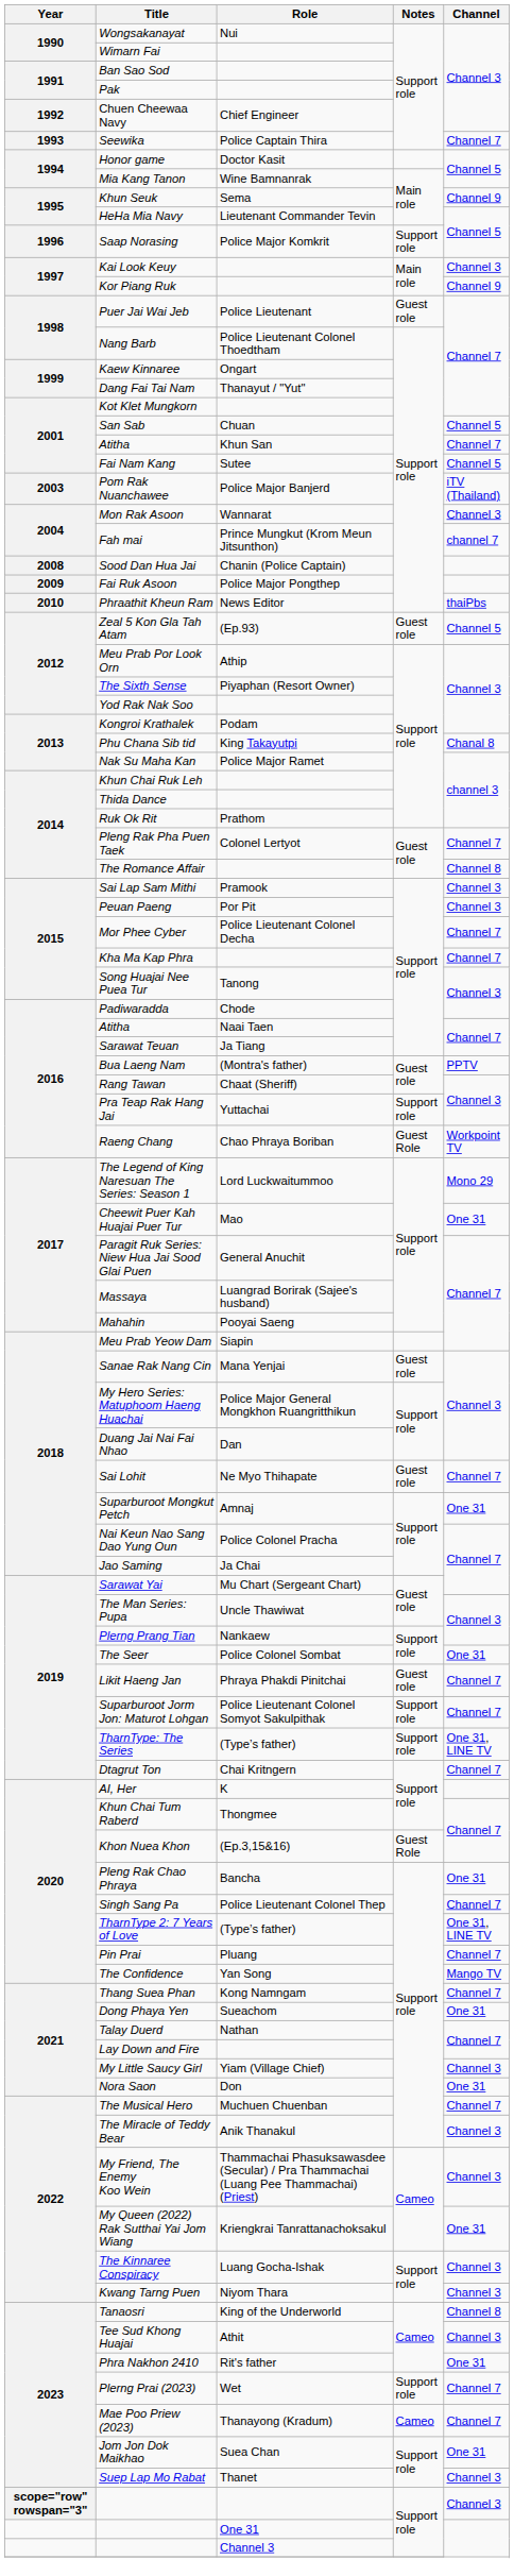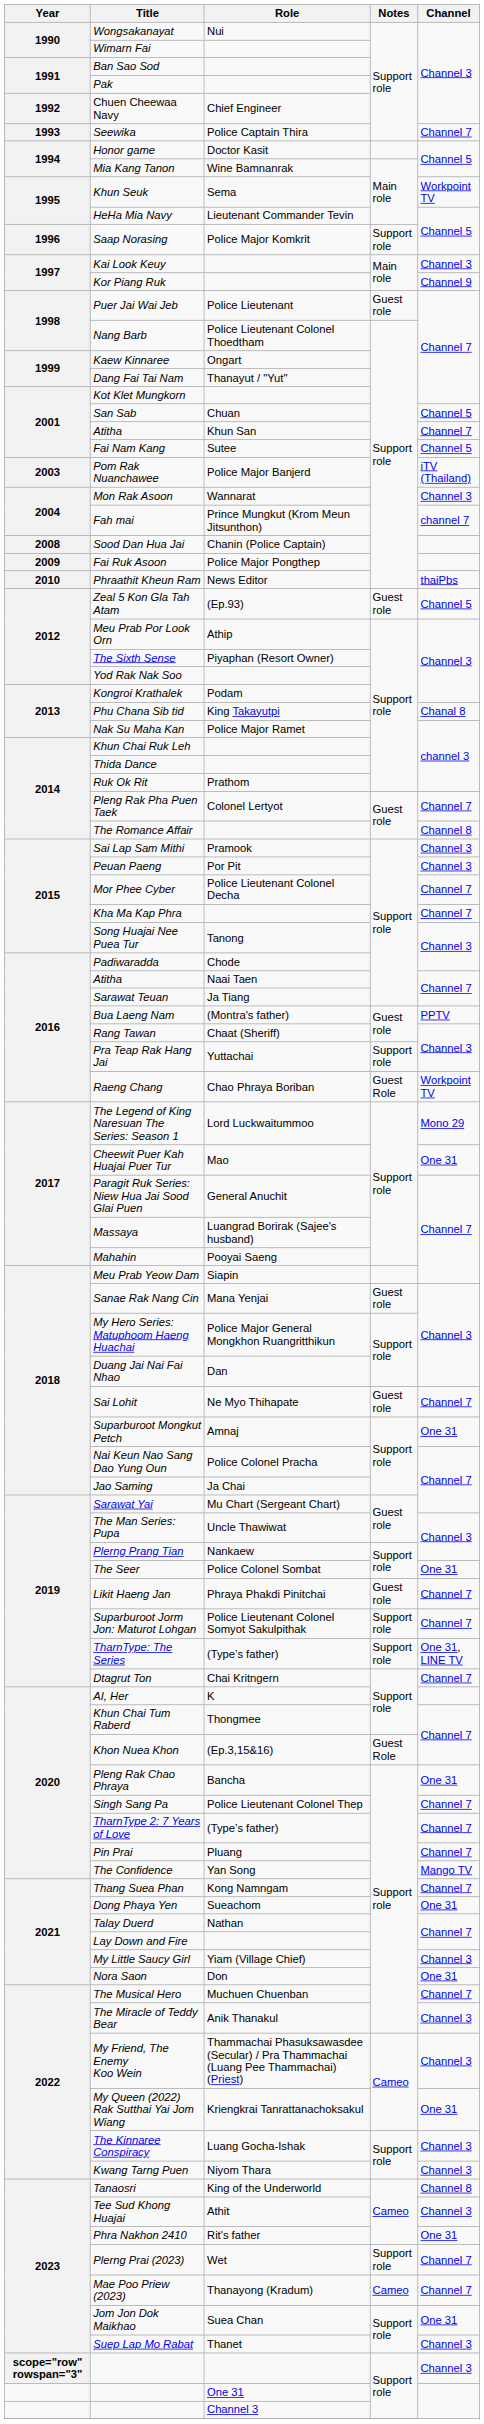 <table class="wikitable sortable plainrowheaders" style="font-size: 90%;">
 <tr>
 <th scope="col">Year</th>
 <th scope="col">Title</th>
 <th scope="col">Role</th>
 <th class="unsortable" scope="col">Notes</th>
 <th class="unsortable" scope="col">Channel</th>
 </tr>
 <tr>
 <th rowspan="2" scope="row">1990</th>
 <td><em>Wongsakanayat</em></td>
 <td>Nui</td>
 <td rowspan="6">Support role</td>
 <td rowspan="5"><a href='#'>Channel 3</a></td>
 </tr>
 <tr>
 <td><em>Wimarn Fai</em></td>
 <td></td>
 </tr>
 <tr>
 <th scope="row" rowspan="2">1991</th>
 <td><em>Ban Sao Sod</em></td>
 <td></td>
 </tr>
 <tr>
 <td><em>Pak</em></td>
 <td></td>
 </tr>
 <tr>
 <th scope="row">1992</th>
 <td>Chuen Cheewaa Navy</td>
 <td>Chief Engineer</td>
 </tr>
 <tr>
 <th scope="row">1993</th>
 <td><em>Seewika</em></td>
 <td>Police Captain Thira</td>
 <td><a href='#'>Channel 7</a></td>
 </tr>
 <tr>
 <th scope="row" rowspan="2">1994</th>
 <td><em>Honor game</em></td>
 <td>Doctor Kasit</td>
 <td></td>
 <td rowspan="2"><a href='#'>Channel 5</a></td>
 </tr>
 <tr>
 <td><em>Mia Kang Tanon</em></td>
 <td>Wine Bamnanrak</td>
 <td rowspan="3">Main role</td>
 </tr>
 <tr>
 <th rowspan="2" scope="row">1995</th>
 <td><em>Khun Seuk</em></td>
 <td>Sema</td>
-<td><a href='#'>Channel 9</a></td>
+<td><a href='#'>Workpoint TV</a></td>
 </tr>
 <tr>
 <td><em>HeHa Mia Navy</em></td>
 <td>Lieutenant Commander Tevin</td>
 <td rowspan="2"><a href='#'>Channel 5</a></td>
 </tr>
 <tr>
 <th scope="row">1996</th>
 <td><em>Saap Norasing</em></td>
 <td>Police Major Komkrit</td>
 <td>Support role</td>
 </tr>
 <tr>
 <th rowspan="2" scope="row">1997</th>
 <td><em>Kai Look Keuy</em></td>
 <td></td>
 <td rowspan="2">Main role</td>
 <td><a href='#'>Channel 3</a></td>
 </tr>
 <tr>
 <td><em>Kor Piang Ruk</em></td>
 <td></td>
 <td><a href='#'>Channel 9</a></td>
 </tr>
 <tr>
 <th rowspan="2" scope="row">1998</th>
 <td><em>Puer Jai Wai Jeb</em></td>
 <td>Police Lieutenant</td>
 <td>Guest role</td>
 <td rowspan="5"><a href='#'>Channel 7</a></td>
 </tr>
 <tr>
 <td><em>Nang Barb</em></td>
 <td>Police Lieutenant Colonel Thoedtham</td>
 <td rowspan="13">Support role</td>
 </tr>
 <tr>
 <th scope="row" rowspan="2">1999</th>
 <td><em>Kaew Kinnaree</em></td>
 <td>Ongart</td>
 </tr>
 <tr>
 <td><em>Dang Fai Tai Nam</em></td>
 <td>Thanayut / "Yut"</td>
 </tr>
 <tr>
 <th scope="row" rowspan="4">2001</th>
 <td><em>Kot Klet Mungkorn</em></td>
 <td></td>
 </tr>
 <tr>
 <td><em>San Sab</em></td>
 <td>Chuan</td>
 <td><a href='#'>Channel 5</a></td>
 </tr>
 <tr>
 <td><em>Atitha</em></td>
 <td>Khun San</td>
 <td><a href='#'>Channel 7</a></td>
 </tr>
 <tr>
 <td><em>Fai Nam Kang</em></td>
 <td>Sutee</td>
 <td><a href='#'>Channel 5</a></td>
 </tr>
 <tr>
 <th scope="row">2003</th>
 <td><em>Pom Rak Nuanchawee</em></td>
 <td>Police Major Banjerd</td>
 <td><a href='#'>iTV (Thailand)</a></td>
 </tr>
 <tr>
 <th rowspan="2" scope="row">2004</th>
 <td><em>Mon Rak Asoon</em></td>
 <td>Wannarat</td>
 <td><a href='#'>Channel 3</a></td>
 </tr>
 <tr>
 <td><em>Fah mai</em></td>
 <td>Prince Mungkut (Krom Meun Jitsunthon)</td>
 <td><a href='#'>channel 7</a></td>
 </tr>
 <tr>
 <th scope="row">2008</th>
 <td><em>Sood Dan Hua Jai</em></td>
 <td>Chanin (Police Captain)</td>
 <td></td>
 </tr>
 <tr>
 <th scope="row">2009</th>
 <td><em>Fai Ruk Asoon</em></td>
 <td>Police Major Pongthep</td>
 <td></td>
 </tr>
 <tr>
 <th scope="row">2010</th>
 <td><em>Phraathit Kheun Ram</em></td>
 <td>News Editor</td>
 <td><a href='#'>thaiPbs</a></td>
 </tr>
 <tr>
 <th scope="row" rowspan="4">2012</th>
 <td><em>Zeal 5 Kon Gla Tah Atam</em></td>
 <td>(Ep.93)</td>
 <td>Guest role</td>
 <td><a href='#'>Channel 5</a></td>
 </tr>
 <tr>
 <td><em>Meu Prab Por Look Orn</em></td>
 <td>Athip</td>
 <td rowspan="9">Support role</td>
 <td rowspan="4"><a href='#'>Channel 3</a></td>
 </tr>
 <tr>
 <td><em><a href='#'>The Sixth Sense</a></em></td>
 <td>Piyaphan (Resort Owner)</td>
 </tr>
 <tr>
 <td><em>Yod Rak Nak Soo</em></td>
 <td></td>
 </tr>
 <tr>
 <th rowspan="3" scope="row">2013</th>
 <td><em>Kongroi Krathalek</em></td>
 <td>Podam</td>
 </tr>
 <tr>
 <td><em>Phu Chana Sib tid</em></td>
 <td>King <a href='#'>Takayutpi</a></td>
 <td><a href='#'>Chanal 8</a></td>
 </tr>
 <tr>
 <td><em>Nak Su Maha Kan</em></td>
 <td>Police Major Ramet</td>
 <td rowspan="4"><a href='#'>channel 3</a></td>
 </tr>
 <tr>
 <th scope="row" rowspan="5">2014</th>
 <td><em>Khun Chai Ruk Leh</em></td>
 <td></td>
 </tr>
 <tr>
 <td><em>Thida Dance</em></td>
 <td></td>
 </tr>
 <tr>
 <td><em>Ruk Ok Rit</em></td>
 <td>Prathom</td>
 </tr>
 <tr>
 <td><em>Pleng Rak Pha Puen Taek</em></td>
 <td>Colonel Lertyot</td>
 <td rowspan="2">Guest role</td>
 <td><a href='#'>Channel 7</a></td>
 </tr>
 <tr>
 <td><em>The Romance Affair</em></td>
 <td></td>
 <td><a href='#'>Channel 8</a></td>
 </tr>
 <tr>
 <th scope="row" rowspan="5">2015</th>
 <td><em>Sai Lap Sam Mithi</em></td>
 <td>Pramook</td>
 <td rowspan="8">Support role</td>
 <td><a href='#'>Channel 3</a></td>
 </tr>
 <tr>
 <td><em>Peuan Paeng</em></td>
 <td>Por Pit</td>
 <td><a href='#'>Channel 3</a></td>
 </tr>
 <tr>
 <td><em>Mor Phee Cyber</em></td>
 <td>Police Lieutenant Colonel Decha</td>
 <td><a href='#'>Channel 7</a></td>
 </tr>
 <tr>
 <td><em>Kha Ma Kap Phra</em></td>
 <td></td>
 <td><a href='#'>Channel 7</a></td>
 </tr>
 <tr>
 <td><em>Song Huajai Nee Puea Tur</em></td>
 <td>Tanong</td>
 <td rowspan="2"><a href='#'>Channel 3</a></td>
 </tr>
 <tr>
 <th scope="row" rowspan="7">2016</th>
 <td><em>Padiwaradda</em></td>
 <td>Chode</td>
 </tr>
 <tr>
 <td><em>Atitha</em></td>
 <td>Naai Taen</td>
 <td rowspan="2"><a href='#'>Channel 7</a></td>
 </tr>
 <tr>
 <td><em>Sarawat Teuan</em></td>
 <td>Ja Tiang</td>
 </tr>
 <tr>
 <td><em>Bua Laeng Nam</em></td>
 <td>(Montra's father)</td>
 <td rowspan="2">Guest role</td>
 <td><a href='#'>PPTV</a></td>
 </tr>
 <tr>
 <td><em>Rang Tawan</em></td>
 <td>Chaat (Sheriff)</td>
 <td rowspan="2"><a href='#'>Channel 3</a></td>
 </tr>
 <tr>
 <td><em>Pra Teap Rak Hang Jai</em></td>
 <td>Yuttachai</td>
 <td>Support role</td>
 </tr>
 <tr>
 <td><em>Raeng Chang</em></td>
 <td>Chao Phraya Boriban</td>
 <td>Guest Role</td>
 <td><a href='#'>Workpoint TV</a></td>
 </tr>
 <tr>
 <th scope="row" rowspan="5">2017</th>
 <td><em>The Legend of King Naresuan The Series: Season 1</em></td>
 <td>Lord Luckwaitummoo</td>
 <td rowspan="5">Support role</td>
 <td><a href='#'>Mono 29</a></td>
 </tr>
 <tr>
 <td><em>Cheewit Puer Kah Huajai Puer Tur</em></td>
 <td>Mao</td>
 <td><a href='#'>One 31</a></td>
 </tr>
 <tr>
 <td><em>Paragit Ruk Series: Niew Hua Jai Sood Glai Puen</em></td>
 <td>General Anuchit</td>
 <td rowspan="4"><a href='#'>Channel 7</a></td>
 </tr>
 <tr>
 <td><em>Massaya</em></td>
 <td>Luangrad Borirak (Sajee's husband)</td>
 </tr>
 <tr>
 <td><em>Mahahin</em></td>
 <td>Pooyai Saeng</td>
 </tr>
 <tr>
 <th scope="row" rowspan="8">2018</th>
 <td><em>Meu Prab Yeow Dam</em></td>
 <td>Siapin</td>
 </tr>
 <tr>
 <td><em>Sanae Rak Nang Cin</em></td>
 <td>Mana Yenjai</td>
 <td>Guest role</td>
 <td rowspan="3"><a href='#'>Channel 3</a></td>
 </tr>
 <tr>
 <td><em>My Hero Series: <a href='#'>Matuphoom Haeng Huachai</a></em></td>
 <td>Police Major General Mongkhon Ruangritthikun</td>
 <td rowspan="2">Support role</td>
 </tr>
 <tr>
 <td><em>Duang Jai Nai Fai Nhao</em></td>
 <td>Dan</td>
 </tr>
 <tr>
 <td><em>Sai Lohit</em></td>
 <td>Ne Myo Thihapate</td>
 <td>Guest role</td>
 <td><a href='#'>Channel 7</a></td>
 </tr>
 <tr>
 <td><em>Suparburoot Mongkut Petch</em></td>
 <td>Amnaj</td>
 <td rowspan="3">Support role</td>
 <td><a href='#'>One 31</a></td>
 </tr>
 <tr>
 <td><em>Nai Keun Nao Sang Dao Yung Oun</em></td>
 <td>Police Colonel Pracha</td>
 <td rowspan="3"><a href='#'>Channel 7</a></td>
 </tr>
 <tr>
 <td><em>Jao Saming</em></td>
 <td>Ja Chai</td>
 </tr>
 <tr>
 <th scope="row" rowspan="8">2019</th>
 <td><em><a href='#'>Sarawat Yai</a></em></td>
 <td>Mu Chart (Sergeant Chart)</td>
 <td rowspan="2">Guest role</td>
 </tr>
 <tr>
 <td><em>The Man Series: Pupa</em></td>
 <td>Uncle Thawiwat</td>
 <td rowspan="2"><a href='#'>Channel 3</a></td>
 </tr>
 <tr>
 <td><em><a href='#'>Plerng Prang Tian</a></em></td>
 <td>Nankaew</td>
 <td rowspan="2">Support role</td>
 </tr>
 <tr>
 <td><em>The Seer</em></td>
 <td>Police Colonel Sombat</td>
 <td><a href='#'>One 31</a></td>
 </tr>
 <tr>
 <td><em>Likit Haeng Jan</em></td>
 <td>Phraya Phakdi Pinitchai</td>
 <td>Guest role</td>
 <td><a href='#'>Channel 7</a></td>
 </tr>
 <tr>
 <td><em>Suparburoot Jorm Jon: Maturot Lohgan</em></td>
 <td>Police Lieutenant Colonel Somyot Sakulpithak</td>
 <td>Support role</td>
 <td><a href='#'>Channel 7</a></td>
 </tr>
 <tr>
 <td><em><a href='#'>TharnType: The Series</a></em></td>
 <td>(Type’s father)</td>
 <td>Support role</td>
 <td><a href='#'>One 31</a>, <a href='#'>LINE TV</a></td>
 </tr>
 <tr>
 <td><em>Dtagrut Ton</em></td>
 <td>Chai Kritngern</td>
 <td rowspan="3">Support role</td>
 <td><a href='#'>Channel 7</a></td>
 </tr>
 <tr>
 <th scope="row" rowspan="8">2020</th>
 <td><em>AI, Her</em></td>
 <td>K</td>
 <td></td>
 </tr>
 <tr>
 <td><em>Khun Chai Tum Raberd</em></td>
 <td>Thongmee</td>
 <td rowspan="2"><a href='#'>Channel 7</a></td>
 </tr>
 <tr>
 <td><em>Khon Nuea Khon</em></td>
 <td>(Ep.3,15&16)</td>
 <td>Guest Role</td>
 </tr>
 <tr>
 <td><em>Pleng Rak Chao Phraya</em></td>
 <td>Bancha</td>
 <td rowspan="13">Support role</td>
 <td><a href='#'>One 31</a></td>
 </tr>
 <tr>
 <td><em>Singh Sang Pa</em></td>
 <td>Police Lieutenant Colonel Thep</td>
 <td><a href='#'>Channel 7</a></td>
 </tr>
 <tr>
 <td><em><a href='#'>TharnType 2: 7 Years of Love</a></em></td>
 <td>(Type’s father)</td>
-<td><a href='#'>One 31</a>, <a href='#'>LINE TV</a></td>
+<td><a href='#'>Channel 7</a></td>
 </tr>
 <tr>
 <td><em>Pin Prai</em></td>
 <td>Pluang</td>
 <td><a href='#'>Channel 7</a></td>
 </tr>
 <tr>
 <td><em>The Confidence</em></td>
 <td>Yan Song</td>
 <td><a href='#'>Mango TV</a></td>
 </tr>
 <tr>
 <th rowspan="6" scope="row">2021</th>
 <td><em>Thang Suea Phan</em></td>
 <td>Kong Namngam</td>
 <td><a href='#'>Channel 7</a></td>
 </tr>
 <tr>
 <td><em>Dong Phaya Yen</em></td>
 <td>Sueachom</td>
 <td><a href='#'>One 31</a></td>
 </tr>
 <tr>
 <td><em>Talay Duerd</em></td>
 <td>Nathan</td>
 <td rowspan="2"><a href='#'>Channel 7</a></td>
 </tr>
 <tr>
 <td><em>Lay Down and Fire</em></td>
 <td></td>
 </tr>
 <tr>
 <td><em>My Little Saucy Girl</em></td>
 <td>Yiam (Village Chief)</td>
 <td><a href='#'>Channel 3</a></td>
 </tr>
 <tr>
 <td><em>Nora Saon</em></td>
 <td>Don</td>
 <td><a href='#'>One 31</a></td>
 </tr>
 <tr>
 <th rowspan="6" scope="row">2022</th>
 <td><em>The Musical Hero</em></td>
 <td>Muchuen Chuenban</td>
 <td><a href='#'>Channel 7</a></td>
 </tr>
 <tr>
 <td><em>The Miracle of Teddy Bear</em></td>
 <td>Anik Thanakul</td>
 <td><a href='#'>Channel 3</a></td>
 </tr>
 <tr>
 <td><em>My Friend, The Enemy</em> <br> <em>Koo Wein</em></td>
 <td>Thammachai Phasuksawasdee (Secular) / Pra Thammachai (Luang Pee Thammachai) (<a href='#'>Priest</a>)</td>
 <td rowspan="2"><a href='#'>Cameo</a></td>
 <td><a href='#'>Channel 3</a></td>
 </tr>
 <tr>
 <td><em>My Queen (2022)</em> <br> <em>Rak Sutthai Yai Jom Wiang</em></td>
 <td>Kriengkrai Tanrattanachoksakul</td>
 <td><a href='#'>One 31</a></td>
 </tr>
 <tr>
 <td><em><a href='#'>The Kinnaree Conspiracy</a></em></td>
 <td>Luang Gocha-Ishak</td>
 <td rowspan="2">Support role</td>
 <td><a href='#'>Channel 3</a></td>
 </tr>
 <tr>
 <td><em>Kwang Tarng Puen</em></td>
 <td>Niyom Thara</td>
 <td><a href='#'>Channel 3</a></td>
 </tr>
 <tr>
 <th rowspan="7" scope="row">2023</th>
 <td><em>Tanaosri</em></td>
 <td>King of the Underworld</td>
 <td rowspan="3"><a href='#'>Cameo</a></td>
 <td><a href='#'>Channel 8</a></td>
 </tr>
 <tr>
 <td><em>Tee Sud Khong Huajai</em></td>
 <td>Athit</td>
 <td><a href='#'>Channel 3</a></td>
 </tr>
 <tr>
 <td><em>Phra Nakhon 2410</em></td>
 <td>Rit's father</td>
 <td><a href='#'>One 31</a></td>
 </tr>
 <tr>
 <td><em>Plerng Prai (2023)</em></td>
 <td>Wet</td>
 <td rowspan="1">Support role</td>
 <td><a href='#'>Channel 7</a></td>
 </tr>
 <tr>
 <td><em>Mae Poo Priew (2023)</em></td>
 <td>Thanayong (Kradum)</td>
 <td rowspan="1"><a href='#'>Cameo</a></td>
 <td><a href='#'>Channel 7</a></td>
 </tr>
 <tr>
 <td><em>Jom Jon Dok Maikhao</em></td>
 <td>Suea Chan</td>
 <td rowspan="2">Support role</td>
 <td><a href='#'>One 31</a></td>
 </tr>
 <tr>
 <td><em><a href='#'>Suep Lap Mo Rabat</a></em></td>
 <td>Thanet</td>
 <td><a href='#'>Channel 3</a></td>
 </tr>
 <tr>
 <th>scope="row" rowspan="3" </th>
 <td><em> </em></td>
 <td></td>
 <td rowspan="3">Support role</td>
 <td><a href='#'>Channel 3</a></td>
 </tr>
 <tr>
 <td><em> </em></td>
 <td></td>
 <td><a href='#'>One 31</a></td>
 </tr>
 <tr>
 <td><em> </em></td>
 <td></td>
 <td><a href='#'>Channel 3</a></td>
 </tr>
 <tr>
 </tr>
 </table>
